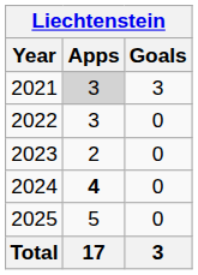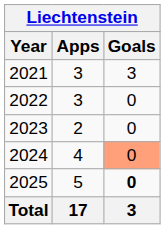 <table class="wikitable" style="text-align:center">
 <tr>
 <th colspan="5"><a href='#'>Liechtenstein</a></th>
 </tr>
 <tr>
 <th>Year</th>
 <th>Apps</th>
 <th>Goals</th>
 </tr>
 <tr>
 <td>2021</td>
-<td style="background: lightgrey;">3</td>
+<td>3</td>
 <td>3</td>
 </tr>
 <tr>
 <td>2022</td>
 <td>3</td>
 <td>0</td>
 </tr>
 <tr>
 <td>2023</td>
 <td>2</td>
 <td>0</td>
 </tr>
 <tr>
 <td>2024</td>
-<td><strong>4</strong></td>
-<td>0</td>
+<td>4</td>
+<td style="background: lightsalmon;">0</td>
 </tr>
 <tr>
 <td>2025</td>
 <td>5</td>
-<td>0</td>
+<td><strong>0</strong></td>
 </tr>
 <tr>
 <th colspan="1">Total</th>
 <th>17</th>
 <th>3</th>
 </tr>
 </table>
